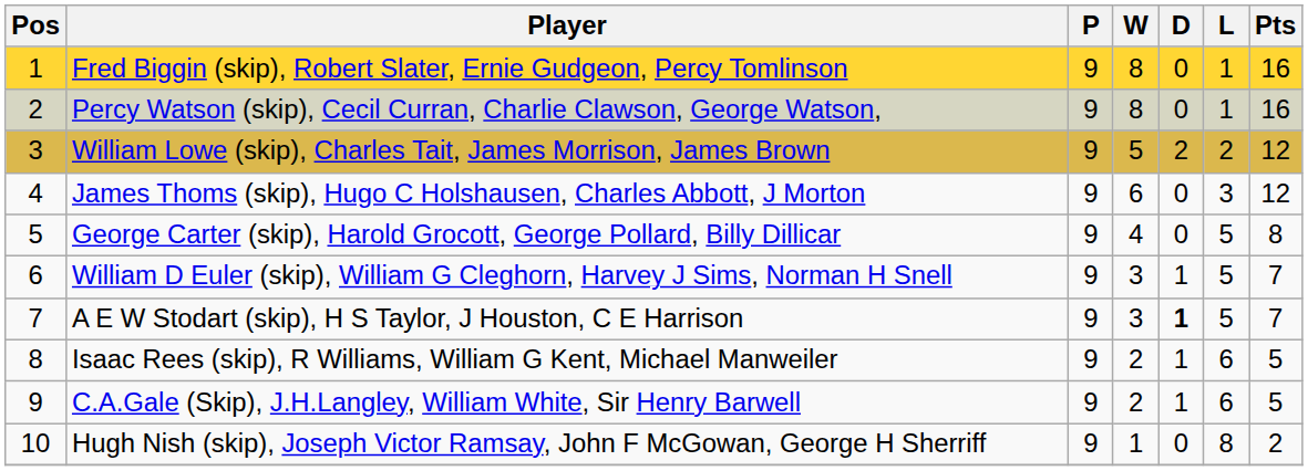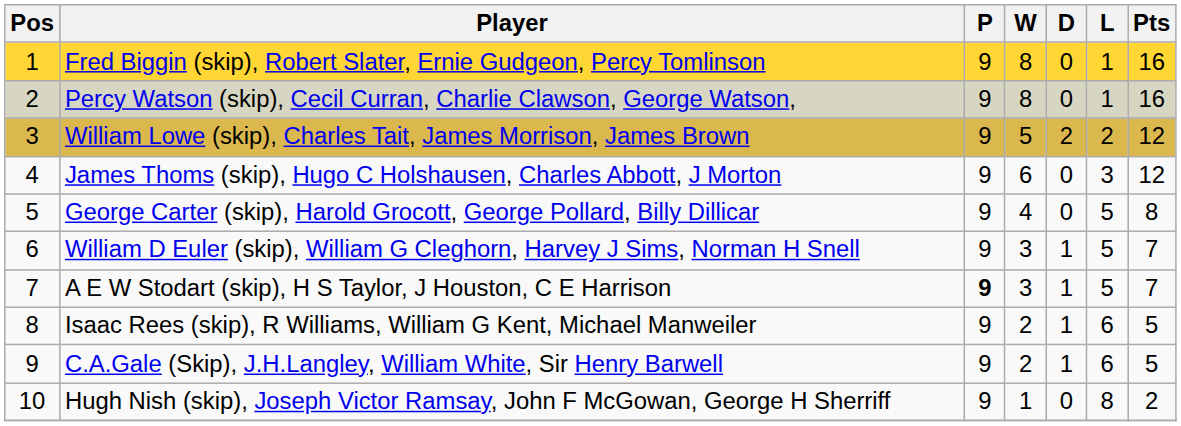 <table class="wikitable" style="font-size: 100%">
 <tr>
 <th width=20>Pos</th>
 <th width=600>Player</th>
 <th width=20>P</th>
 <th width=20>W</th>
 <th width=20>D</th>
 <th width=20>L</th>
 <th width=20>Pts</th>
 </tr>
 <tr align=center style="background: #FFD633;">
 <td>1</td>
 <td align="left"> <a href='#'>Fred Biggin</a> (skip), <a href='#'>Robert Slater</a>, <a href='#'>Ernie Gudgeon</a>, <a href='#'>Percy Tomlinson</a></td>
 <td>9</td>
 <td>8</td>
 <td>0</td>
 <td>1</td>
 <td>16</td>
 </tr>
 <tr align=center style="background: #D6D6C2;">
 <td>2</td>
 <td align="left"> <a href='#'>Percy Watson</a> (skip), <a href='#'>Cecil Curran</a>, <a href='#'>Charlie Clawson</a>, <a href='#'>George Watson</a>,</td>
 <td>9</td>
 <td>8</td>
 <td>0</td>
 <td>1</td>
 <td>16</td>
 </tr>
 <tr align=center style="background: #DBB84D;">
 <td>3</td>
 <td align="left"> <a href='#'>William Lowe</a> (skip), <a href='#'>Charles Tait</a>, <a href='#'>James Morrison</a>, <a href='#'>James Brown</a></td>
 <td>9</td>
 <td>5</td>
 <td>2</td>
 <td>2</td>
 <td>12</td>
 </tr>
 <tr align=center>
 <td>4</td>
 <td align="left"> <a href='#'>James Thoms</a> (skip), <a href='#'>Hugo C Holshausen</a>, <a href='#'>Charles Abbott</a>, <a href='#'>J Morton</a></td>
 <td>9</td>
 <td>6</td>
 <td>0</td>
 <td>3</td>
 <td>12</td>
 </tr>
 <tr align=center>
 <td>5</td>
 <td align="left"> <a href='#'>George Carter</a> (skip), <a href='#'>Harold Grocott</a>, <a href='#'>George Pollard</a>, <a href='#'>Billy Dillicar</a></td>
 <td>9</td>
 <td>4</td>
 <td>0</td>
 <td>5</td>
 <td>8</td>
 </tr>
 <tr align=center>
 <td>6</td>
 <td align="left"> <a href='#'>William D Euler</a> (skip), <a href='#'>William G Cleghorn</a>, <a href='#'>Harvey J Sims</a>, <a href='#'>Norman H Snell</a></td>
 <td>9</td>
 <td>3</td>
 <td>1</td>
 <td>5</td>
 <td>7</td>
 </tr>
 <tr align=center>
 <td>7</td>
 <td align="left"> A E W Stodart (skip), H S Taylor, J Houston, C E Harrison</td>
-<td>9</td>
+<td><strong>9</strong></td>
 <td>3</td>
-<td><strong>1</strong></td>
+<td>1</td>
 <td>5</td>
 <td>7</td>
 </tr>
 <tr align=center>
 <td>8</td>
 <td align="left"> Isaac Rees (skip), R Williams, William G Kent, Michael Manweiler</td>
 <td>9</td>
 <td>2</td>
 <td>1</td>
 <td>6</td>
 <td>5</td>
 </tr>
 <tr align=center>
 <td>9</td>
 <td align="left"> <a href='#'>C.A.Gale</a> (Skip), <a href='#'>J.H.Langley</a>, <a href='#'>William White</a>, Sir <a href='#'>Henry Barwell</a></td>
 <td>9</td>
 <td>2</td>
 <td>1</td>
 <td>6</td>
 <td>5</td>
 </tr>
 <tr align=center>
 <td>10</td>
 <td align="left"> Hugh Nish (skip), <a href='#'>Joseph Victor Ramsay</a>, John F McGowan, George H Sherriff</td>
 <td>9</td>
 <td>1</td>
 <td>0</td>
 <td>8</td>
 <td>2</td>
 </tr>
 <tr align=center>
 </tr>
 </table>
